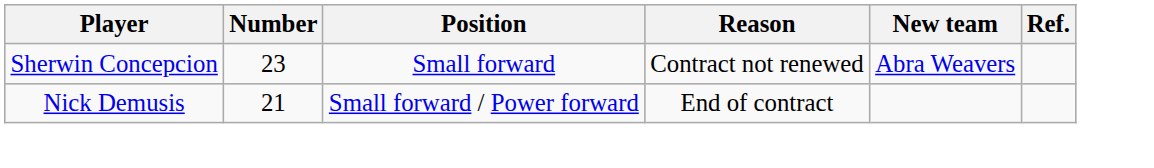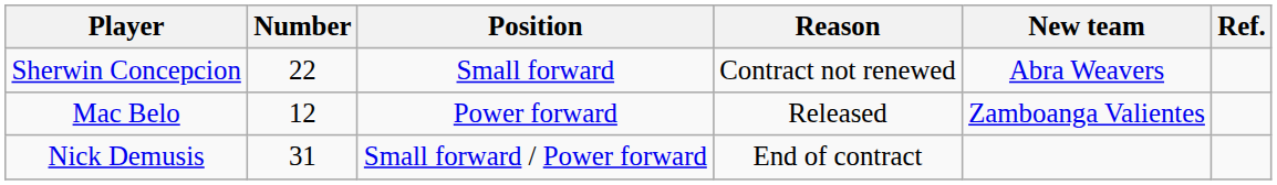 <table class="wikitable sortable sortable">
 <tr>
 <th>Player</th>
 <th>Number</th>
 <th>Position</th>
 <th>Reason</th>
 <th>New team</th>
 <th>Ref.</th>
 </tr>
 <tr style="text-align: center">
 <td><a href='#'>Sherwin Concepcion</a></td>
-<td>23</td>
+<td>22</td>
 <td><a href='#'>Small forward</a></td>
 <td>Contract not renewed</td>
 <td><a href='#'>Abra Weavers</a> </td>
 <td></td>
 </tr>
 <tr style="text-align: center">
+<td><a href='#'>Mac Belo</a></td>
+<td>12</td>
+<td><a href='#'>Power forward</a></td>
+<td>Released</td>
+<td><a href='#'>Zamboanga Valientes</a> </td>
+<td></td>
+</tr>
+<tr style="text-align: center">
 <td><a href='#'>Nick Demusis</a></td>
-<td>21</td>
+<td>31</td>
 <td><a href='#'>Small forward</a> / <a href='#'>Power forward</a></td>
 <td>End of contract</td>
 <td></td>
 <td></td>
 </tr>
 </table>
